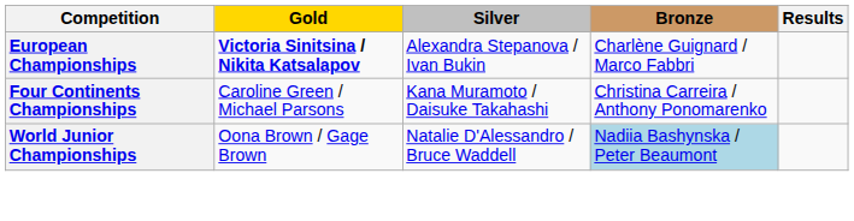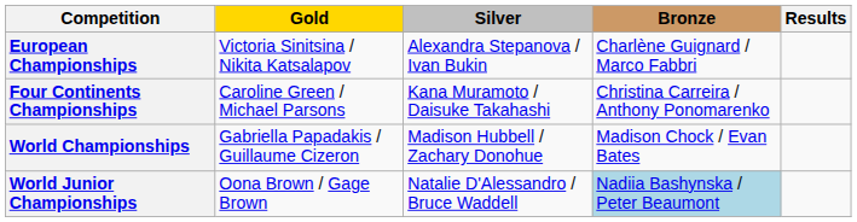 <table class="wikitable unsortable" style="text-align:left; width:90%">
 <tr>
 <th scope="col" style="text-align:center; width:25%;">Competition</th>
 <td scope="col" style="text-align:center; width:22.5%; background:gold"><strong>Gold</strong></td>
 <td scope="col" style="text-align:center; width:22.5%; background:silver"><strong>Silver</strong></td>
 <td scope="col" style="text-align:center; width:22.5%; background:#c96"><strong>Bronze</strong></td>
 <th scope="col" style="text-align:center; width:7.5%;">Results</th>
 </tr>
 <tr>
 <th scope="row" style="text-align:left"> <a href='#'>European Championships</a></th>
-<td><strong> <a href='#'>Victoria Sinitsina</a> / <a href='#'>Nikita Katsalapov</a></strong></td>
+<td> <a href='#'>Victoria Sinitsina</a> / <a href='#'>Nikita Katsalapov</a></td>
 <td> <a href='#'>Alexandra Stepanova</a> / <a href='#'>Ivan Bukin</a></td>
 <td> <a href='#'>Charlène Guignard</a> / <a href='#'>Marco Fabbri</a></td>
 <td></td>
 </tr>
 <tr>
 <th scope="row" style="text-align:left"> <a href='#'>Four Continents Championships</a></th>
 <td> <a href='#'>Caroline Green</a> / <a href='#'>Michael Parsons</a></td>
 <td> <a href='#'>Kana Muramoto</a> / <a href='#'>Daisuke Takahashi</a></td>
 <td> <a href='#'>Christina Carreira</a> / <a href='#'>Anthony Ponomarenko</a></td>
 <td></td>
 </tr>
 <tr>
+<th scope="row" style="text-align:left"> <a href='#'>World Championships</a></th>
+<td> <a href='#'>Gabriella Papadakis</a> / <a href='#'>Guillaume Cizeron</a></td>
+<td> <a href='#'>Madison Hubbell</a> / <a href='#'>Zachary Donohue</a></td>
+<td> <a href='#'>Madison Chock</a> / <a href='#'>Evan Bates</a></td>
+<td></td>
+</tr>
+<tr>
 <th scope="row" style="text-align:left"> <a href='#'>World Junior Championships</a></th>
 <td> <a href='#'>Oona Brown</a> / <a href='#'>Gage Brown</a></td>
 <td> <a href='#'>Natalie D'Alessandro</a> / <a href='#'>Bruce Waddell</a></td>
 <td style="background: lightblue;"> <a href='#'>Nadiia Bashynska</a> / <a href='#'>Peter Beaumont</a></td>
 <td></td>
 </tr>
 </table>
